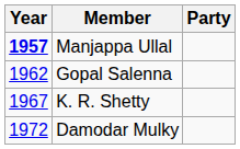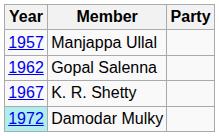 <table class="wikitable sortable">
 <tr>
 <th>Year</th>
 <th>Member</th>
 <th colspan="2">Party</th>
 </tr>
 <tr>
-<td><strong><a href='#'>1957</a></strong></td>
+<td><a href='#'>1957</a></td>
 <td>Manjappa Ullal</td>
 <td></td>
 </tr>
 <tr>
 <td><a href='#'>1962</a></td>
 <td>Gopal Salenna</td>
 <td></td>
 </tr>
 <tr>
 <td><a href='#'>1967</a></td>
 <td>K. R. Shetty</td>
 </tr>
 <tr>
-<td><a href='#'>1972</a></td>
+<td style="background: paleturquoise;"><a href='#'>1972</a></td>
 <td>Damodar Mulky</td>
 <td></td>
 </tr>
 </table>
